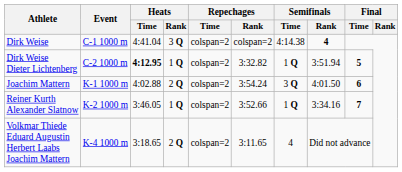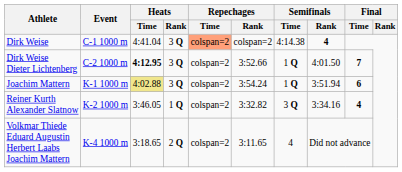 <table class="wikitable" style="font-size:90%">
 <tr>
 <th rowspan=2>Athlete</th>
 <th rowspan=2>Event</th>
 <th colspan=2>Heats</th>
 <th colspan=2>Repechages</th>
 <th colspan=2>Semifinals</th>
 <th colspan=2>Final</th>
 </tr>
 <tr style="font-size:95%">
 <th>Time</th>
 <th>Rank</th>
 <th>Time</th>
 <th>Rank</th>
 <th>Time</th>
 <th>Rank</th>
 <th>Time</th>
 <th>Rank</th>
 </tr>
 <tr align=center>
 <td align=left><a href='#'>Dirk Weise</a></td>
 <td align=left><a href='#'>C-1 1000 m</a></td>
 <td>4:41.04</td>
 <td>3 <strong>Q</strong></td>
-<td>colspan=2 </td>
+<td style="background: lightsalmon;">colspan=2 </td>
 <td>colspan=2 </td>
 <td>4:14.38</td>
 <td><strong>4</strong></td>
 </tr>
 <tr align=center>
 <td align=left><a href='#'>Dirk Weise</a><br><a href='#'>Dieter Lichtenberg</a></td>
 <td align=left><a href='#'>C-2 1000 m</a></td>
 <td><strong>4:12.95</strong></td>
+<td>3 <strong>Q</strong></td>
+<td>colspan=2 </td>
+<td>3:52.66</td>
 <td>1 <strong>Q</strong></td>
-<td>colspan=2 </td>
-<td>3:32.82</td>
-<td>1 <strong>Q</strong></td>
-<td>3:51.94</td>
-<td><strong>5</strong></td>
+<td>4:01.50</td>
+<td><strong>7</strong></td>
 </tr>
 <tr align=center>
 <td align=left><a href='#'>Joachim Mattern</a></td>
 <td align=left><a href='#'>K-1 1000 m</a></td>
-<td>4:02.88</td>
-<td>2 <strong>Q</strong></td>
+<td style="background: khaki;">4:02.88</td>
+<td>3 <strong>Q</strong></td>
 <td>colspan=2 </td>
 <td>3:54.24</td>
-<td>3 <strong>Q</strong></td>
-<td>4:01.50</td>
+<td>1 <strong>Q</strong></td>
+<td>3:51.94</td>
 <td><strong>6</strong></td>
 </tr>
 <tr align=center>
 <td align=left><a href='#'>Reiner Kurth</a><br><a href='#'>Alexander Slatnow</a></td>
 <td align=left><a href='#'>K-2 1000 m</a></td>
 <td>3:46.05</td>
 <td>1 <strong>Q</strong></td>
 <td>colspan=2 </td>
-<td>3:52.66</td>
-<td>1 <strong>Q</strong></td>
+<td>3:32.82</td>
+<td>3 <strong>Q</strong></td>
 <td>3:34.16</td>
-<td><strong>7</strong></td>
+<td><strong>4</strong></td>
 </tr>
 <tr align=center>
 <td align=left><a href='#'>Volkmar Thiede</a><br><a href='#'>Eduard Augustin</a><br><a href='#'>Herbert Laabs</a><br><a href='#'>Joachim Mattern</a></td>
 <td align=left><a href='#'>K-4 1000 m</a></td>
 <td>3:18.65</td>
 <td>2 <strong>Q</strong></td>
 <td>colspan=2 </td>
 <td>3:11.65</td>
 <td>4</td>
 <td colspan=2>Did not advance</td>
 </tr>
 </table>
